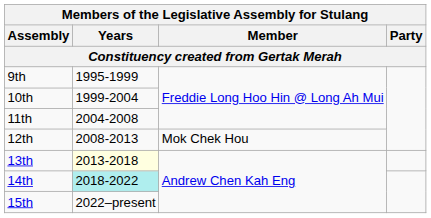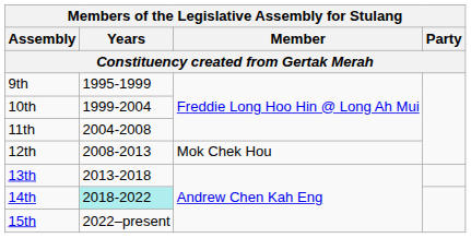 <table class=wikitable>
 <tr>
 <th colspan=4>Members of the Legislative Assembly for Stulang</th>
 </tr>
 <tr>
 <th>Assembly</th>
 <th>Years</th>
 <th>Member</th>
 <th>Party</th>
 </tr>
 <tr>
 <th colspan=4 align=center><em>Constituency created from Gertak Merah</em></th>
 </tr>
 <tr>
 <td>9th</td>
 <td>1995-1999</td>
 <td rowspan="3"><a href='#'>Freddie Long Hoo Hin @ Long Ah Mui</a></td>
 <td rowspan="4"></td>
 </tr>
 <tr>
 <td>10th</td>
 <td>1999-2004</td>
 </tr>
 <tr>
 <td>11th</td>
 <td>2004-2008</td>
 </tr>
 <tr>
 <td>12th</td>
 <td>2008-2013</td>
 <td>Mok Chek Hou</td>
 </tr>
 <tr>
 <td><a href='#'>13th</a></td>
-<td style="background: lightyellow;">2013-2018</td>
+<td>2013-2018</td>
 <td rowspan="3"><a href='#'>Andrew Chen Kah Eng</a></td>
 <td></td>
 </tr>
 <tr>
 <td><a href='#'>14th</a></td>
 <td style="background: paleturquoise;">2018-2022</td>
 <td rowspan="2"></td>
 </tr>
 <tr>
 <td><a href='#'>15th</a></td>
 <td>2022–present</td>
 </tr>
 </table>
